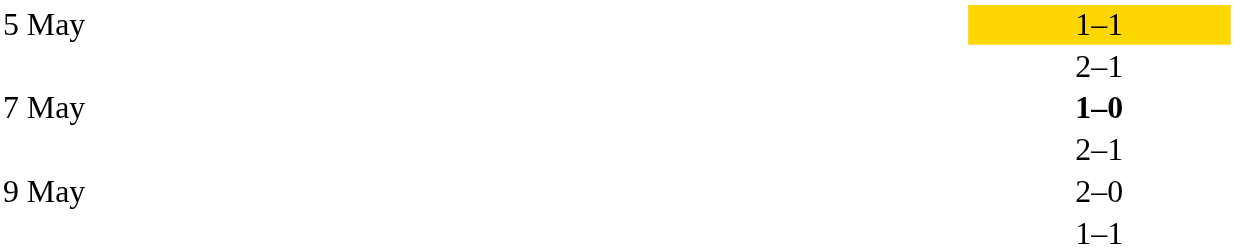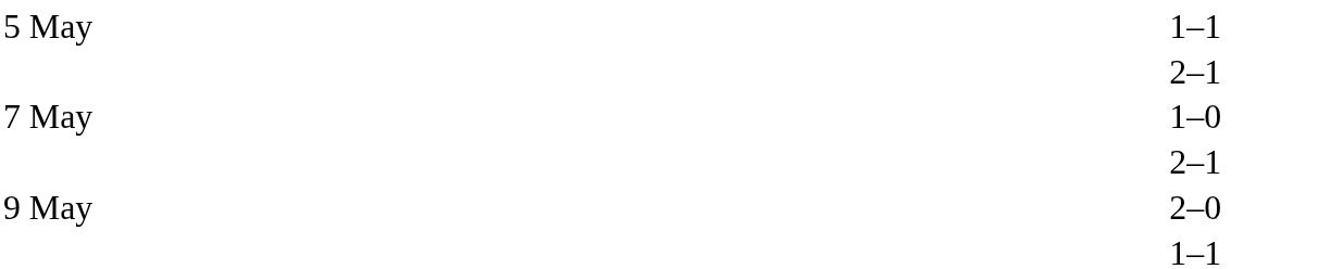 <table cellspacing=1 width=70%>
 <tr>
 <th width=25%></th>
 <th width=30%></th>
 <th width=15%></th>
 <th width=30%></th>
 </tr>
 <tr>
 <td>5 May</td>
 <td align=right></td>
-<td align=center style="background: gold;">1–1</td>
+<td align=center>1–1</td>
 <td></td>
 </tr>
 <tr>
 <td></td>
 <td align=right></td>
 <td align=center>2–1</td>
 <td></td>
 </tr>
 <tr>
 <td>7 May</td>
 <td align=right></td>
-<td align=center><strong>1–0</strong></td>
+<td align=center>1–0</td>
 <td></td>
 </tr>
 <tr>
 <td></td>
 <td align=right></td>
 <td align=center>2–1</td>
 <td></td>
 </tr>
 <tr>
 <td>9 May</td>
 <td align=right></td>
 <td align=center>2–0</td>
 <td></td>
 </tr>
 <tr>
 <td></td>
 <td align=right></td>
 <td align=center>1–1</td>
 <td></td>
 </tr>
 </table>
